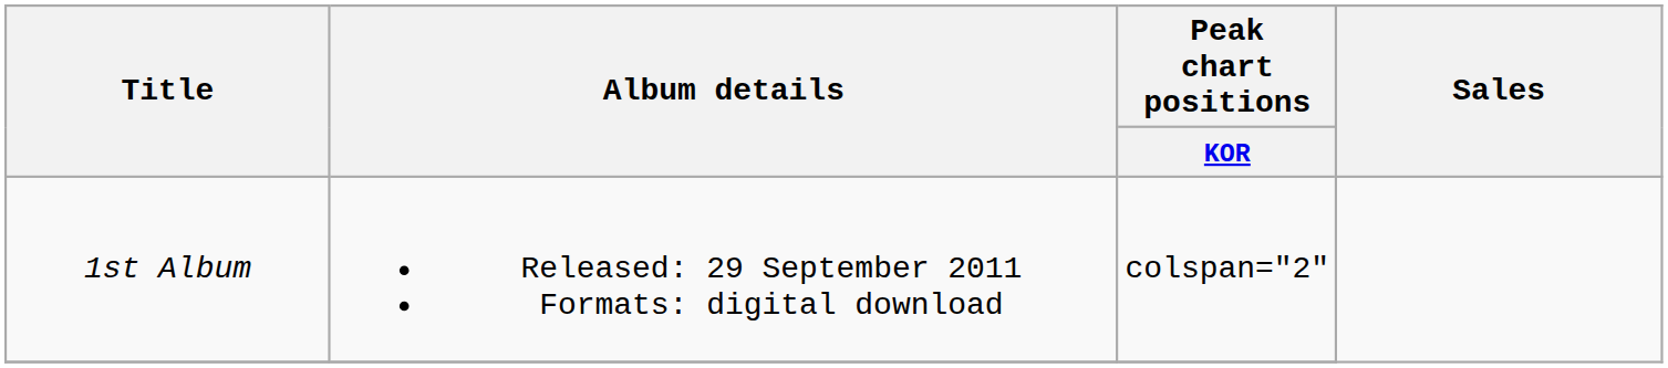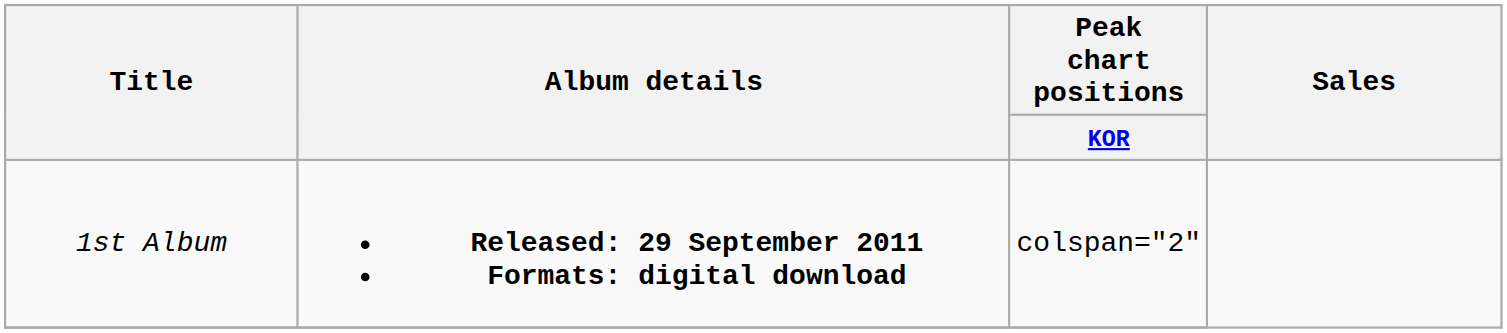 <table class="wikitable plainrowheaders" style="text-align:center;">
 <tr>
 <th scope="col" rowspan="2"  style="width:10em;">Title</th>
 <th scope="col" rowspan="2" style="width:25em;">Album details</th>
 <th scope="col" colspan="1">Peak <br> chart<br> positions</th>
 <th scope="col" rowspan="2" style="width:10em;">Sales</th>
 </tr>
 <tr>
 <th><small><a href='#'>KOR</a></small><br></th>
 </tr>
 <tr>
 <td><em>1st Album</em></td>
-<td><br><ul><li>Released: 29 September 2011</li><li>Formats: digital download</li></ul></td>
+<td><strong><br><ul><li>Released: 29 September 2011</li><li>Formats: digital download</li></ul></strong></td>
 <td>colspan="2" </td>
 </tr>
 <tr>
 </tr>
 </table>
